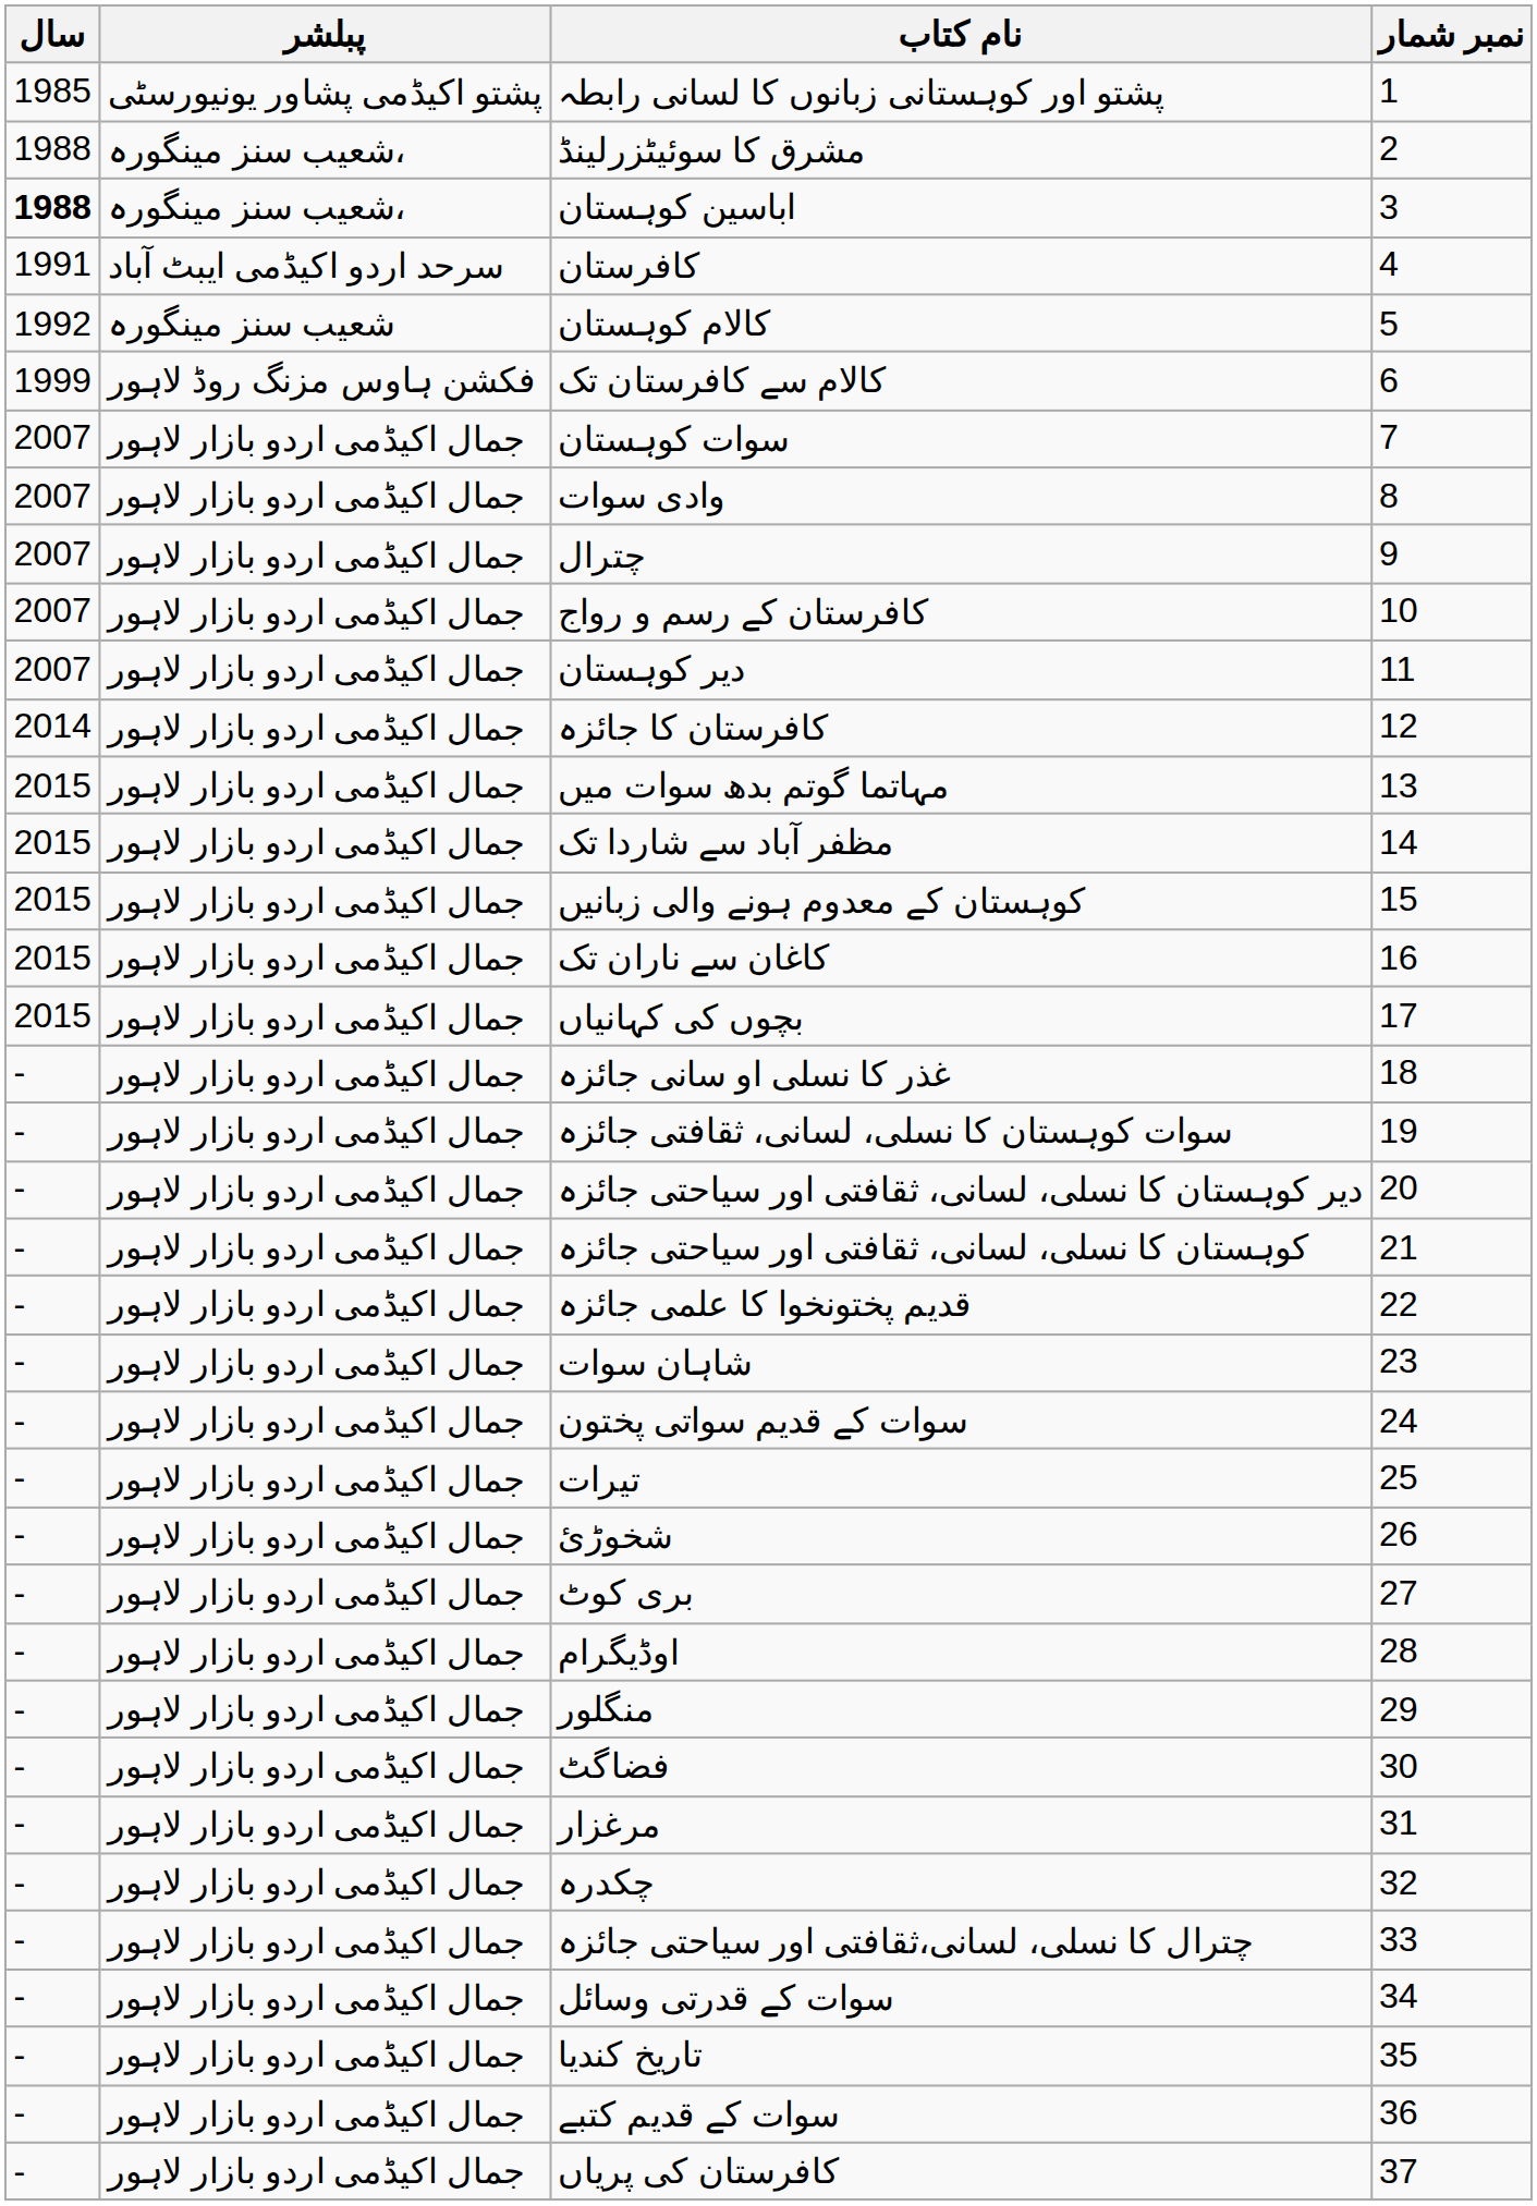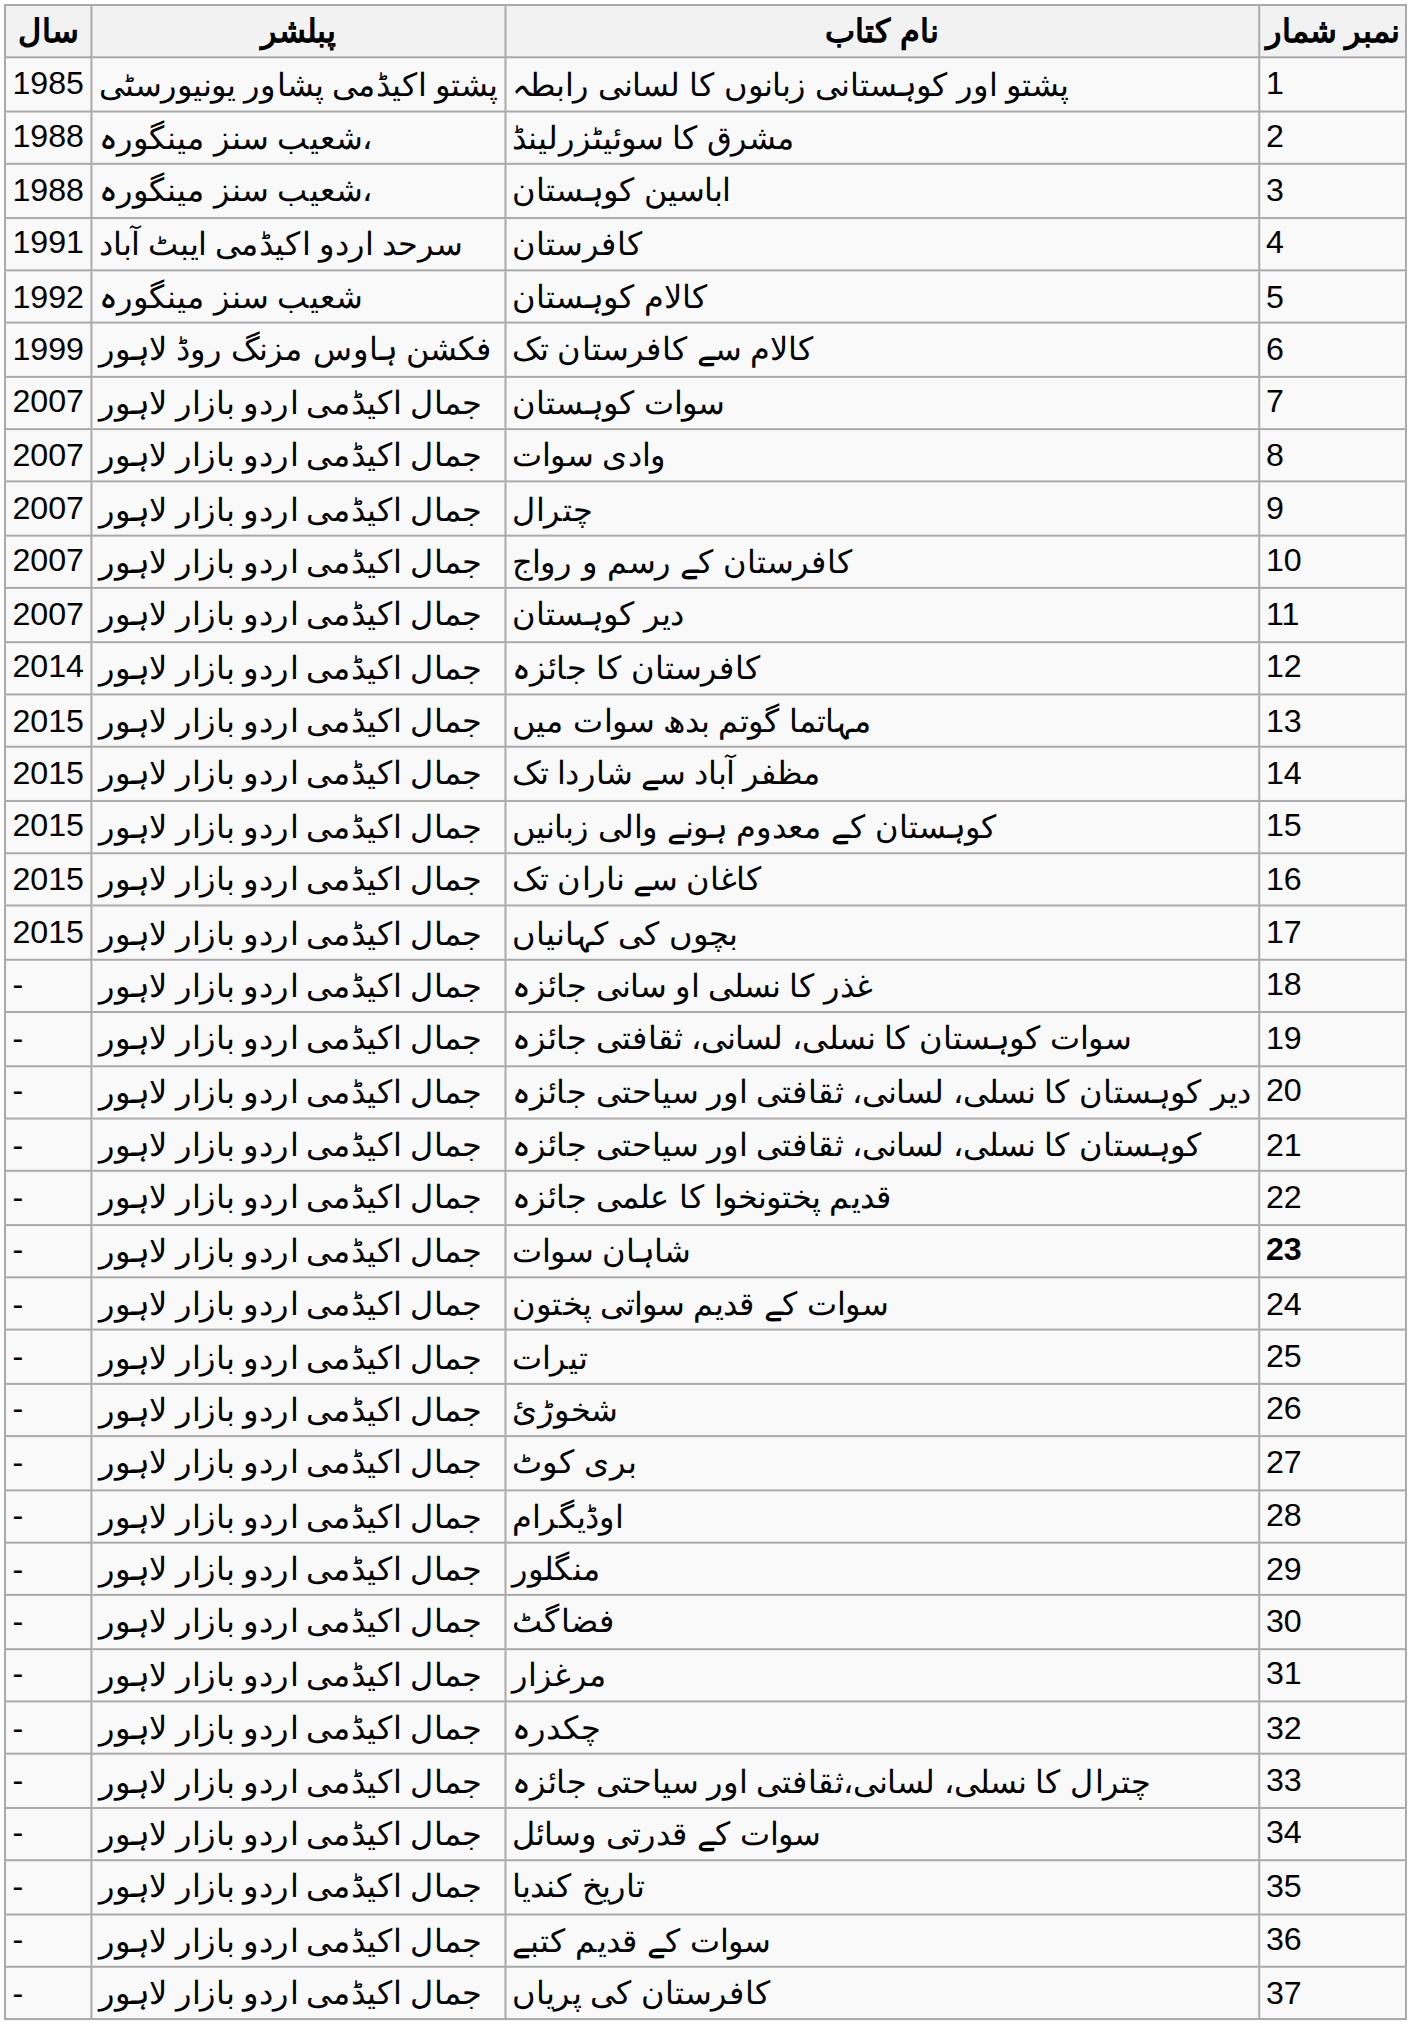 <table class="wikitable sortable">
 <tr>
 <th>سال</th>
 <th>پبلشر</th>
 <th>نام کتاب</th>
 <th>نمبر شمار</th>
 </tr>
 <tr>
 <td>1985</td>
 <td>پشتو اکیڈمی پشاور یونیورسٹی</td>
 <td>پشتو اور کوہستانی زبانوں کا لسانی رابطہ</td>
 <td>1</td>
 </tr>
 <tr>
 <td>1988</td>
 <td>شعیب سنز مینگورہ،</td>
 <td>مشرق کا سوئیٹزرلینڈ</td>
 <td>2</td>
 </tr>
 <tr>
-<td><strong>1988</strong></td>
+<td>1988</td>
 <td>شعیب سنز مینگورہ،</td>
 <td>اباسین کوہستان</td>
 <td>3</td>
 </tr>
 <tr>
 <td>1991</td>
 <td>سرحد اردو اکیڈمی ایبٹ آباد</td>
 <td>کافرستان</td>
 <td>4</td>
 </tr>
 <tr>
 <td>1992</td>
 <td>شعیب سنز مینگورہ</td>
 <td>کالام کوہستان</td>
 <td>5</td>
 </tr>
 <tr>
 <td>1999</td>
 <td>فکشن ہاوس مزنگ روڈ لاہور</td>
 <td>کالام سے کافرستان تک</td>
 <td>6</td>
 </tr>
 <tr>
 <td>2007</td>
 <td>جمال اکیڈمی اردو بازار لاہور</td>
 <td>سوات کوہستان</td>
 <td>7</td>
 </tr>
 <tr>
 <td>2007</td>
 <td>جمال اکیڈمی اردو بازار لاہور</td>
 <td>وادی سوات</td>
 <td>8</td>
 </tr>
 <tr>
 <td>2007</td>
 <td>جمال اکیڈمی اردو بازار لاہور</td>
 <td>چترال</td>
 <td>9</td>
 </tr>
 <tr>
 <td>2007</td>
 <td>جمال اکیڈمی اردو بازار لاہور</td>
 <td>کافرستان کے رسم و رواج</td>
 <td>10</td>
 </tr>
 <tr>
 <td>2007</td>
 <td>جمال اکیڈمی اردو بازار لاہور</td>
 <td>دیر کوہستان</td>
 <td>11</td>
 </tr>
 <tr>
 <td>2014</td>
 <td>جمال اکیڈمی اردو بازار لاہور</td>
 <td>کافرستان کا جائزہ</td>
 <td>12</td>
 </tr>
 <tr>
 <td>2015</td>
 <td>جمال اکیڈمی اردو بازار لاہور</td>
 <td>مہاتما گوتم بدھ سوات میں</td>
 <td>13</td>
 </tr>
 <tr>
 <td>2015</td>
 <td>جمال اکیڈمی اردو بازار لاہور</td>
 <td>مظفر آباد سے شاردا تک</td>
 <td>14</td>
 </tr>
 <tr>
 <td>2015</td>
 <td>جمال اکیڈمی اردو بازار لاہور</td>
 <td>کوہستان کے معدوم ہونے والی زبانیں</td>
 <td>15</td>
 </tr>
 <tr>
 <td>2015</td>
 <td>جمال اکیڈمی اردو بازار لاہور</td>
 <td>کاغان سے ناران تک</td>
 <td>16</td>
 </tr>
 <tr>
 <td>2015</td>
 <td>جمال اکیڈمی اردو بازار لاہور</td>
 <td>بچوں کی کہانیاں</td>
 <td>17</td>
 </tr>
 <tr>
 <td>-</td>
 <td>جمال اکیڈمی اردو بازار لاہور</td>
 <td>غذر کا نسلی او سانی جائزہ</td>
 <td>18</td>
 </tr>
 <tr>
 <td>-</td>
 <td>جمال اکیڈمی اردو بازار لاہور</td>
 <td>سوات کوہستان کا نسلی، لسانی، ثقافتی جائزہ</td>
 <td>19</td>
 </tr>
 <tr>
 <td>-</td>
 <td>جمال اکیڈمی اردو بازار لاہور</td>
 <td>دیر کوہستان کا نسلی، لسانی، ثقافتی اور سیاحتی جائزہ</td>
 <td>20</td>
 </tr>
 <tr>
 <td>-</td>
 <td>جمال اکیڈمی اردو بازار لاہور</td>
 <td>کوہستان کا نسلی، لسانی، ثقافتی اور سیاحتی جائزہ</td>
 <td>21</td>
 </tr>
 <tr>
 <td>-</td>
 <td>جمال اکیڈمی اردو بازار لاہور</td>
 <td>قدیم پختونخوا کا علمی جائزہ</td>
 <td>22</td>
 </tr>
 <tr>
 <td>-</td>
 <td>جمال اکیڈمی اردو بازار لاہور</td>
 <td>شاہان سوات</td>
-<td>23</td>
+<td><strong>23</strong></td>
 </tr>
 <tr>
 <td>-</td>
 <td>جمال اکیڈمی اردو بازار لاہور</td>
 <td>سوات کے قدیم سواتی پختون</td>
 <td>24</td>
 </tr>
 <tr>
 <td>-</td>
 <td>جمال اکیڈمی اردو بازار لاہور</td>
 <td>تیرات</td>
 <td>25</td>
 </tr>
 <tr>
 <td>-</td>
 <td>جمال اکیڈمی اردو بازار لاہور</td>
 <td>شخوڑئ</td>
 <td>26</td>
 </tr>
 <tr>
 <td>-</td>
 <td>جمال اکیڈمی اردو بازار لاہور</td>
 <td>بری کوٹ</td>
 <td>27</td>
 </tr>
 <tr>
 <td>-</td>
 <td>جمال اکیڈمی اردو بازار لاہور</td>
 <td>اوڈیگرام</td>
 <td>28</td>
 </tr>
 <tr>
 <td>-</td>
 <td>جمال اکیڈمی اردو بازار لاہور</td>
 <td>منگلور</td>
 <td>29</td>
 </tr>
 <tr>
 <td>-</td>
 <td>جمال اکیڈمی اردو بازار لاہور</td>
 <td>فضاگٹ</td>
 <td>30</td>
 </tr>
 <tr>
 <td>-</td>
 <td>جمال اکیڈمی اردو بازار لاہور</td>
 <td>مرغزار</td>
 <td>31</td>
 </tr>
 <tr>
 <td>-</td>
 <td>جمال اکیڈمی اردو بازار لاہور</td>
 <td>چکدرہ</td>
 <td>32</td>
 </tr>
 <tr>
 <td>-</td>
 <td>جمال اکیڈمی اردو بازار لاہور</td>
 <td>چترال کا نسلی، لسانی،ثقافتی اور سیاحتی جائزہ</td>
 <td>33</td>
 </tr>
 <tr>
 <td>-</td>
 <td>جمال اکیڈمی اردو بازار لاہور</td>
 <td>سوات کے قدرتی وسائل</td>
 <td>34</td>
 </tr>
 <tr>
 <td>-</td>
 <td>جمال اکیڈمی اردو بازار لاہور</td>
 <td>تاریخ کندیا</td>
 <td>35</td>
 </tr>
 <tr>
 <td>-</td>
 <td>جمال اکیڈمی اردو بازار لاہور</td>
 <td>سوات کے قدیم کتبے</td>
 <td>36</td>
 </tr>
 <tr>
 <td>-</td>
 <td>جمال اکیڈمی اردو بازار لاہور</td>
 <td>کافرستان کی پریاں</td>
 <td>37</td>
 </tr>
 <tr>
 </tr>
 </table>
